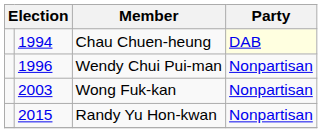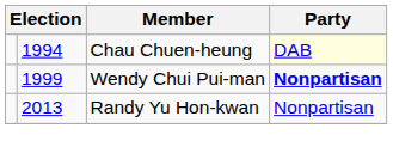 <table class="wikitable">
 <tr>
 <th colspan="2">Election</th>
 <th>Member</th>
 <th>Party</th>
 </tr>
 <tr>
 <td style="color:inherit;background:"></td>
 <td><a href='#'>1994</a></td>
 <td>Chau Chuen-heung</td>
 <td style="background: lightyellow;"><a href='#'>DAB</a></td>
 </tr>
 <tr>
 <td style="color:inherit;background:"></td>
-<td><a href='#'>1996</a></td>
+<td><a href='#'>1999</a></td>
 <td>Wendy Chui Pui-man</td>
-<td><a href='#'>Nonpartisan</a></td>
+<td><strong><a href='#'>Nonpartisan</a></strong></td>
 </tr>
 <tr>
 <td style="color:inherit;background:"></td>
-<td><a href='#'>2003</a></td>
-<td>Wong Fuk-kan</td>
-<td><a href='#'>Nonpartisan</a></td>
-</tr>
-<tr>
-<td style="color:inherit;background:"></td>
-<td><a href='#'>2015</a></td>
+<td><a href='#'>2013</a></td>
 <td>Randy Yu Hon-kwan</td>
 <td><a href='#'>Nonpartisan</a></td>
 </tr>
 <tr>
 </tr>
 </table>
